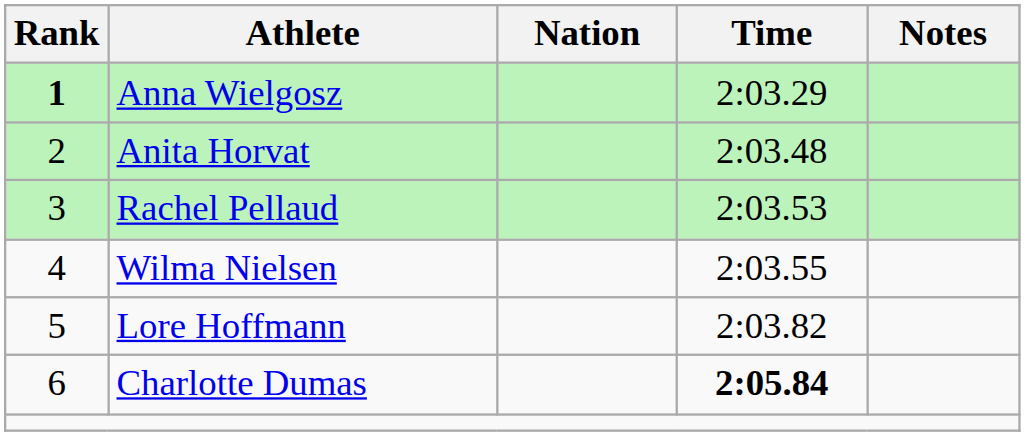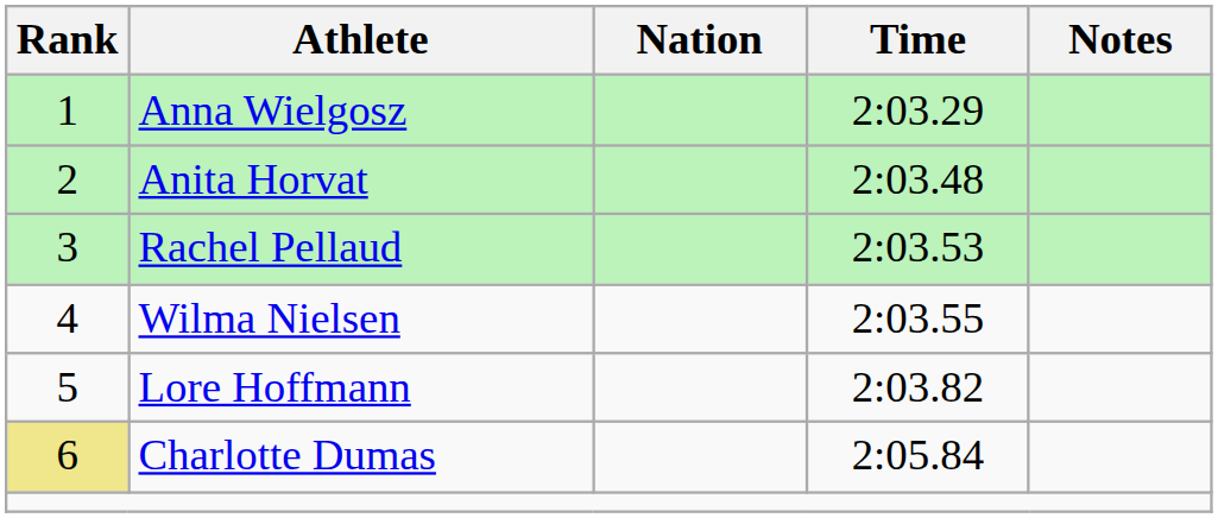 <table class="wikitable sortable" style="text-align:center;width: 50%;">
 <tr>
 <th scope="col" style="width: 10px;">Rank</th>
 <th scope="col">Athlete</th>
 <th scope="col">Nation</th>
 <th scope="col">Time</th>
 <th scope="col">Notes</th>
 </tr>
 <tr bgcolor=bbf3bb>
-<td><strong>1</strong></td>
+<td>1</td>
 <td align=left><a href='#'>Anna Wielgosz</a></td>
 <td align=left></td>
 <td>2:03.29</td>
 <td></td>
 </tr>
 <tr bgcolor=bbf3bb>
 <td>2</td>
 <td align=left><a href='#'>Anita Horvat</a></td>
 <td align=left></td>
 <td>2:03.48</td>
 <td></td>
 </tr>
 <tr bgcolor=bbf3bb>
 <td>3</td>
 <td align=left><a href='#'>Rachel Pellaud</a></td>
 <td align=left></td>
 <td>2:03.53</td>
 <td></td>
 </tr>
 <tr>
 <td>4</td>
 <td align=left><a href='#'>Wilma Nielsen</a></td>
 <td align=left></td>
 <td>2:03.55</td>
 <td></td>
 </tr>
 <tr>
 <td>5</td>
 <td align=left><a href='#'>Lore Hoffmann</a></td>
 <td align=left></td>
 <td>2:03.82</td>
 <td></td>
 </tr>
 <tr>
-<td>6</td>
+<td style="background: khaki;">6</td>
 <td align=left><a href='#'>Charlotte Dumas</a></td>
 <td align=left></td>
-<td><strong>2:05.84</strong></td>
+<td>2:05.84</td>
 <td></td>
 </tr>
 <tr class="sortbottom">
 <td colspan="5"></td>
 </tr>
 </table>
